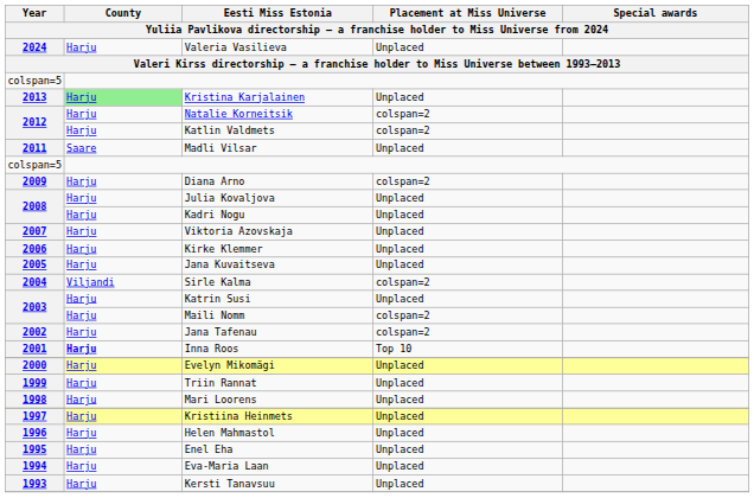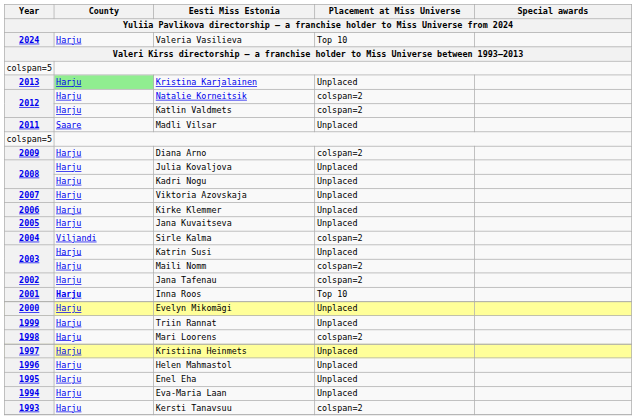 <table class="wikitable " style="font-size: 90%;">
 <tr>
 <th width="60">Year</th>
 <th width="150">County</th>
 <th width="250">Eesti Miss Estonia</th>
 <th width="250">Placement at Miss Universe</th>
 <th width="250">Special awards</th>
 </tr>
 <tr>
 <th colspan="5">Yuliia Pavlikova directorship — a franchise holder to Miss Universe from 2024</th>
 </tr>
 <tr>
 <th><a href='#'>2024</a></th>
 <td><a href='#'>Harju</a></td>
 <td>Valeria Vasilieva</td>
-<td>Unplaced</td>
+<td>Top 10</td>
 <td></td>
 </tr>
 <tr>
 <th colspan="5">Valeri Kirss directorship — a franchise holder to Miss Universe between 1993—2013</th>
 </tr>
 <tr>
 <td>colspan=5 </td>
 </tr>
 <tr>
 <th><a href='#'>2013</a></th>
 <td style="background: lightgreen;"><a href='#'>Harju</a></td>
 <td><a href='#'>Kristina Karjalainen</a></td>
 <td>Unplaced</td>
 <td></td>
 </tr>
 <tr>
 <th rowspan=2><a href='#'>2012</a></th>
 <td><a href='#'>Harju</a></td>
 <td><a href='#'>Natalie Korneitsik</a></td>
 <td>colspan=2 </td>
 <td></td>
 </tr>
 <tr>
 <td><a href='#'>Harju</a></td>
 <td>Katlin Valdmets</td>
 <td>colspan=2 </td>
 </tr>
 <tr>
 <th><a href='#'>2011</a></th>
 <td><a href='#'>Saare</a></td>
 <td>Madli Vilsar</td>
 <td>Unplaced</td>
 <td></td>
 </tr>
 <tr>
 <td>colspan=5 </td>
 </tr>
 <tr>
 <th><a href='#'>2009</a></th>
 <td><a href='#'>Harju</a></td>
 <td>Diana Arno</td>
 <td>colspan=2 </td>
 <td></td>
 </tr>
 <tr>
 <th rowspan=2><a href='#'>2008</a></th>
 <td><a href='#'>Harju</a></td>
 <td>Julia Kovaljova</td>
 <td>Unplaced</td>
 <td></td>
 </tr>
 <tr>
 <td><a href='#'>Harju</a></td>
 <td>Kadri Nogu</td>
 <td>Unplaced</td>
 </tr>
 <tr>
 <th><a href='#'>2007</a></th>
 <td><a href='#'>Harju</a></td>
 <td>Viktoria Azovskaja</td>
 <td>Unplaced</td>
 <td></td>
 </tr>
 <tr>
 <th><a href='#'>2006</a></th>
 <td><a href='#'>Harju</a></td>
 <td>Kirke Klemmer</td>
 <td>Unplaced</td>
 <td></td>
 </tr>
 <tr>
 <th><a href='#'>2005</a></th>
 <td><a href='#'>Harju</a></td>
 <td>Jana Kuvaitseva</td>
 <td>Unplaced</td>
 </tr>
 <tr>
 <th><a href='#'>2004</a></th>
 <td><a href='#'>Viljandi</a></td>
 <td>Sirle Kalma</td>
 <td>colspan=2 </td>
 <td></td>
 </tr>
 <tr>
 <th rowspan=2><a href='#'>2003</a></th>
 <td><a href='#'>Harju</a></td>
 <td>Katrin Susi</td>
 <td>Unplaced</td>
 <td></td>
 </tr>
 <tr>
 <td><a href='#'>Harju</a></td>
 <td>Maili Nomm</td>
 <td>colspan=2 </td>
 </tr>
 <tr>
 <th><a href='#'>2002</a></th>
 <td><a href='#'>Harju</a></td>
 <td>Jana Tafenau</td>
 <td>colspan=2 </td>
 <td></td>
 </tr>
 <tr>
 <th><a href='#'>2001</a></th>
 <td><strong><a href='#'>Harju</a></strong></td>
 <td>Inna Roos</td>
 <td>Top 10</td>
 <td></td>
 </tr>
 <tr>
 </tr>
 <tr style="background-color:#FFFF99;">
 <th><a href='#'>2000</a></th>
 <td><a href='#'>Harju</a></td>
 <td>Evelyn Mikomägi</td>
 <td>Unplaced</td>
 <td></td>
 </tr>
 <tr>
 <th><a href='#'>1999</a></th>
 <td><a href='#'>Harju</a></td>
 <td>Triin Rannat</td>
 <td>Unplaced</td>
 <td></td>
 </tr>
 <tr>
 <th><a href='#'>1998</a></th>
 <td><a href='#'>Harju</a></td>
 <td>Mari Loorens</td>
-<td>Unplaced</td>
+<td>colspan=2 </td>
 <td></td>
 </tr>
 <tr>
 </tr>
 <tr style="background-color:#FFFF99;">
 <th><a href='#'>1997</a></th>
 <td><a href='#'>Harju</a></td>
 <td>Kristiina Heinmets</td>
 <td>Unplaced</td>
 <td></td>
 </tr>
 <tr>
 <th><a href='#'>1996</a></th>
 <td><a href='#'>Harju</a></td>
 <td>Helen Mahmastol</td>
 <td>Unplaced</td>
 <td></td>
 </tr>
 <tr>
 <th><a href='#'>1995</a></th>
 <td><a href='#'>Harju</a></td>
 <td>Enel Eha</td>
 <td>Unplaced</td>
 <td></td>
 </tr>
 <tr>
 <th><a href='#'>1994</a></th>
 <td><a href='#'>Harju</a></td>
 <td>Eva-Maria Laan</td>
 <td>Unplaced</td>
 <td></td>
 </tr>
 <tr>
 <th><a href='#'>1993</a></th>
 <td><a href='#'>Harju</a></td>
 <td>Kersti Tanavsuu</td>
-<td>Unplaced</td>
+<td>colspan=2 </td>
 <td></td>
 </tr>
 <tr>
 </tr>
 </table>
